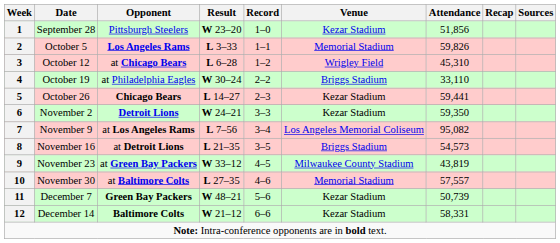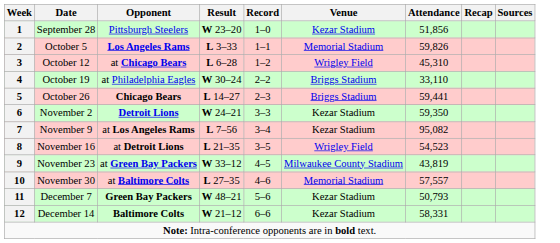 <table class="wikitable" style="text-align:center">
 <tr>
 <th>Week</th>
 <th>Date</th>
 <th>Opponent</th>
 <th>Result</th>
 <th>Record</th>
 <th>Venue</th>
 <th>Attendance</th>
 <th>Recap</th>
 <th>Sources</th>
 </tr>
 <tr style="background:#cfc">
 <th>1</th>
 <td>September 28</td>
 <td><a href='#'>Pittsburgh Steelers</a></td>
 <td><strong>W</strong> 23–20</td>
 <td>1–0</td>
 <td><a href='#'>Kezar Stadium</a></td>
 <td>51,856</td>
 <td></td>
 <td></td>
 </tr>
 <tr style="background:#fcc">
 <th>2</th>
 <td>October 5</td>
 <td><strong><a href='#'>Los Angeles Rams</a></strong></td>
 <td><strong>L</strong> 3–33</td>
 <td>1–1</td>
 <td><a href='#'>Memorial Stadium</a></td>
 <td>59,826</td>
 <td></td>
 <td></td>
 </tr>
 <tr style="background:#fcc">
 <th>3</th>
 <td>October 12</td>
 <td>at  <strong><a href='#'>Chicago Bears</a></strong></td>
 <td><strong>L</strong> 6–28</td>
 <td>1–2</td>
 <td><a href='#'>Wrigley Field</a></td>
 <td>45,310</td>
 <td></td>
 <td></td>
 </tr>
 <tr style="background:#cfc">
 <th>4</th>
 <td>October 19</td>
 <td>at <a href='#'>Philadelphia Eagles</a></td>
 <td><strong>W</strong> 30–24</td>
 <td>2–2</td>
 <td><a href='#'>Briggs Stadium</a></td>
 <td>33,110</td>
 <td></td>
 <td></td>
 </tr>
 <tr style="background:#fcc">
 <th>5</th>
 <td>October 26</td>
 <td><strong>Chicago Bears</strong></td>
 <td><strong>L</strong> 14–27</td>
 <td>2–3</td>
-<td>Kezar Stadium</td>
+<td><a href='#'>Briggs Stadium</a></td>
 <td>59,441</td>
 <td></td>
 <td></td>
 </tr>
 <tr style="background:#cfc">
 <th>6</th>
 <td>November 2</td>
 <td><strong><a href='#'>Detroit Lions</a></strong></td>
 <td><strong>W</strong> 24–21</td>
 <td>3–3</td>
 <td>Kezar Stadium</td>
 <td>59,350</td>
 <td></td>
 <td></td>
 </tr>
 <tr style="background:#fcc">
 <th>7</th>
 <td>November 9</td>
 <td>at  <strong>Los Angeles Rams</strong></td>
 <td><strong>L</strong> 7–56</td>
 <td>3–4</td>
-<td><a href='#'>Los Angeles Memorial Coliseum</a></td>
+<td>Kezar Stadium</td>
 <td>95,082</td>
 <td></td>
 <td></td>
 </tr>
 <tr style="background:#fcc">
 <th>8</th>
 <td>November 16</td>
 <td>at <strong>Detroit Lions</strong></td>
 <td><strong>L</strong> 21–35</td>
 <td>3–5</td>
-<td><a href='#'>Briggs Stadium</a></td>
-<td>54,573</td>
+<td><a href='#'>Wrigley Field</a></td>
+<td>54,523</td>
 <td></td>
 <td></td>
 </tr>
 <tr style="background:#cfc">
 <th>9</th>
 <td>November 23</td>
 <td>at  <strong><a href='#'>Green Bay Packers</a></strong></td>
 <td><strong>W</strong> 33–12</td>
 <td>4–5</td>
 <td><a href='#'>Milwaukee County Stadium</a></td>
 <td>43,819</td>
 <td></td>
 <td></td>
 </tr>
 <tr style="background:#fcc">
 <th>10</th>
 <td>November 30</td>
 <td>at <strong><a href='#'>Baltimore Colts</a></strong></td>
 <td><strong>L</strong> 27–35</td>
 <td>4–6</td>
 <td><a href='#'>Memorial Stadium</a></td>
 <td>57,557</td>
 <td></td>
 <td></td>
 </tr>
 <tr style="background:#cfc">
 <th>11</th>
 <td>December 7</td>
 <td><strong>Green Bay Packers</strong></td>
 <td><strong>W</strong> 48–21</td>
 <td>5–6</td>
 <td>Kezar Stadium</td>
-<td>50,739</td>
+<td>50,793</td>
 <td></td>
 <td></td>
 </tr>
 <tr style="background:#cfc">
 <th>12</th>
 <td>December 14</td>
 <td><strong>Baltimore Colts</strong></td>
 <td><strong>W</strong> 21–12</td>
 <td>6–6</td>
 <td>Kezar Stadium</td>
 <td>58,331</td>
 <td></td>
 <td></td>
 </tr>
 <tr>
 <td colspan="10"><strong>Note:</strong> Intra-conference opponents are in <strong>bold</strong> text.</td>
 </tr>
 </table>
